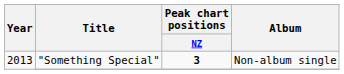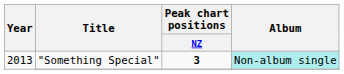 <table class="wikitable plainrowheaders">
 <tr>
 <th rowspan="2"  width="1em">Year</th>
 <th rowspan="2">Title</th>
 <th>Peak chart<br>positions</th>
 <th rowspan="2">Album</th>
 </tr>
 <tr>
 <th><small><a href='#'>NZ</a></small></th>
 </tr>
 <tr>
 <td rowspan="2">2013</td>
 <td>"Something Special"</td>
 <td align="center"><strong>3</strong></td>
-<td>Non-album single</td>
+<td style="background: paleturquoise;">Non-album single</td>
 </tr>
 <tr>
 </tr>
 </table>
